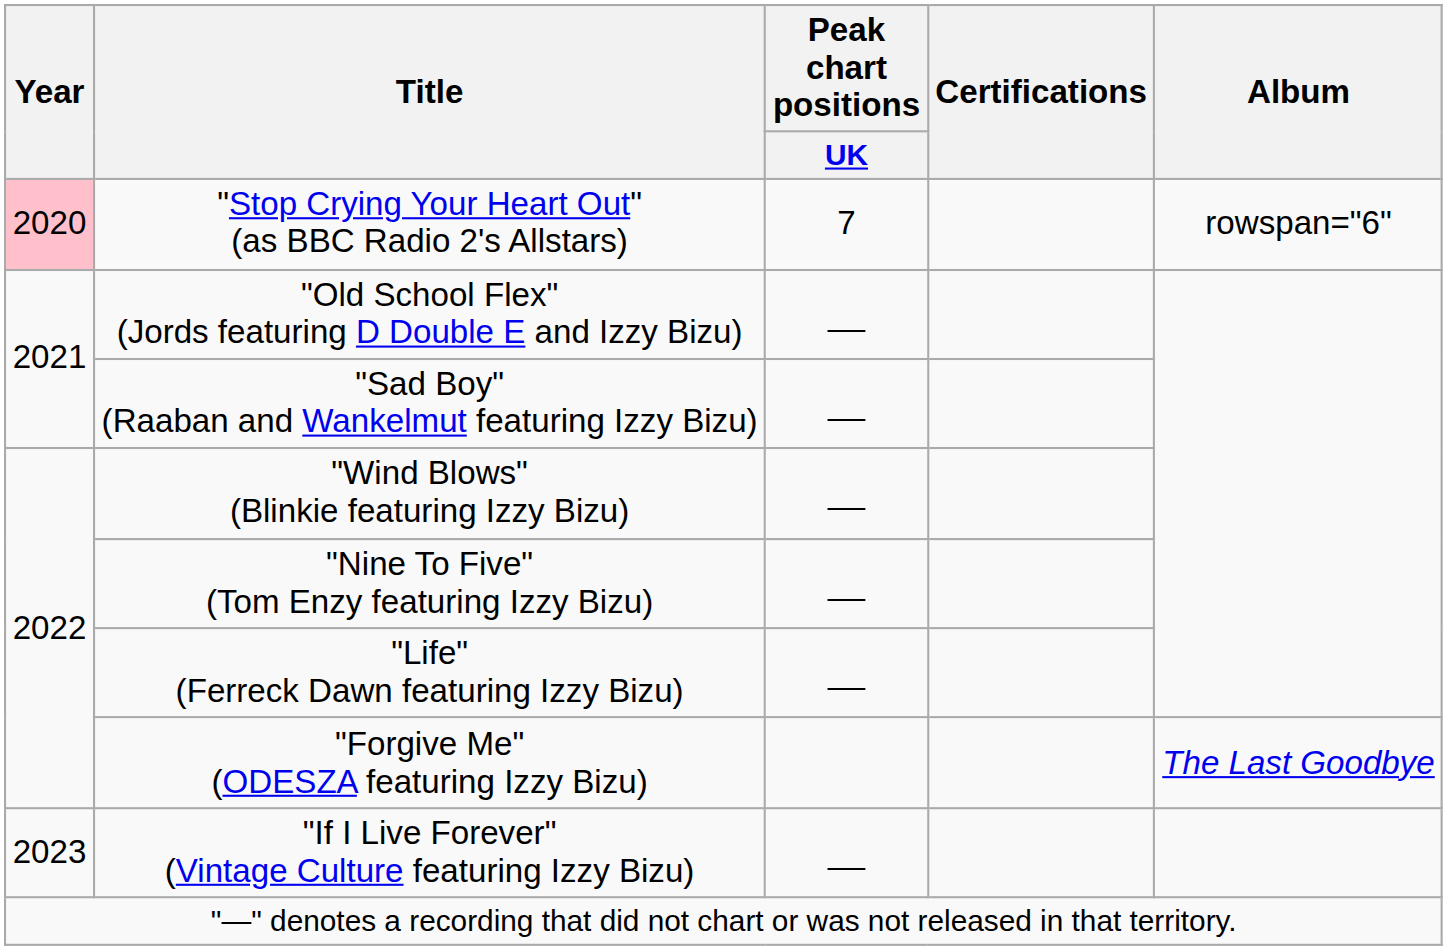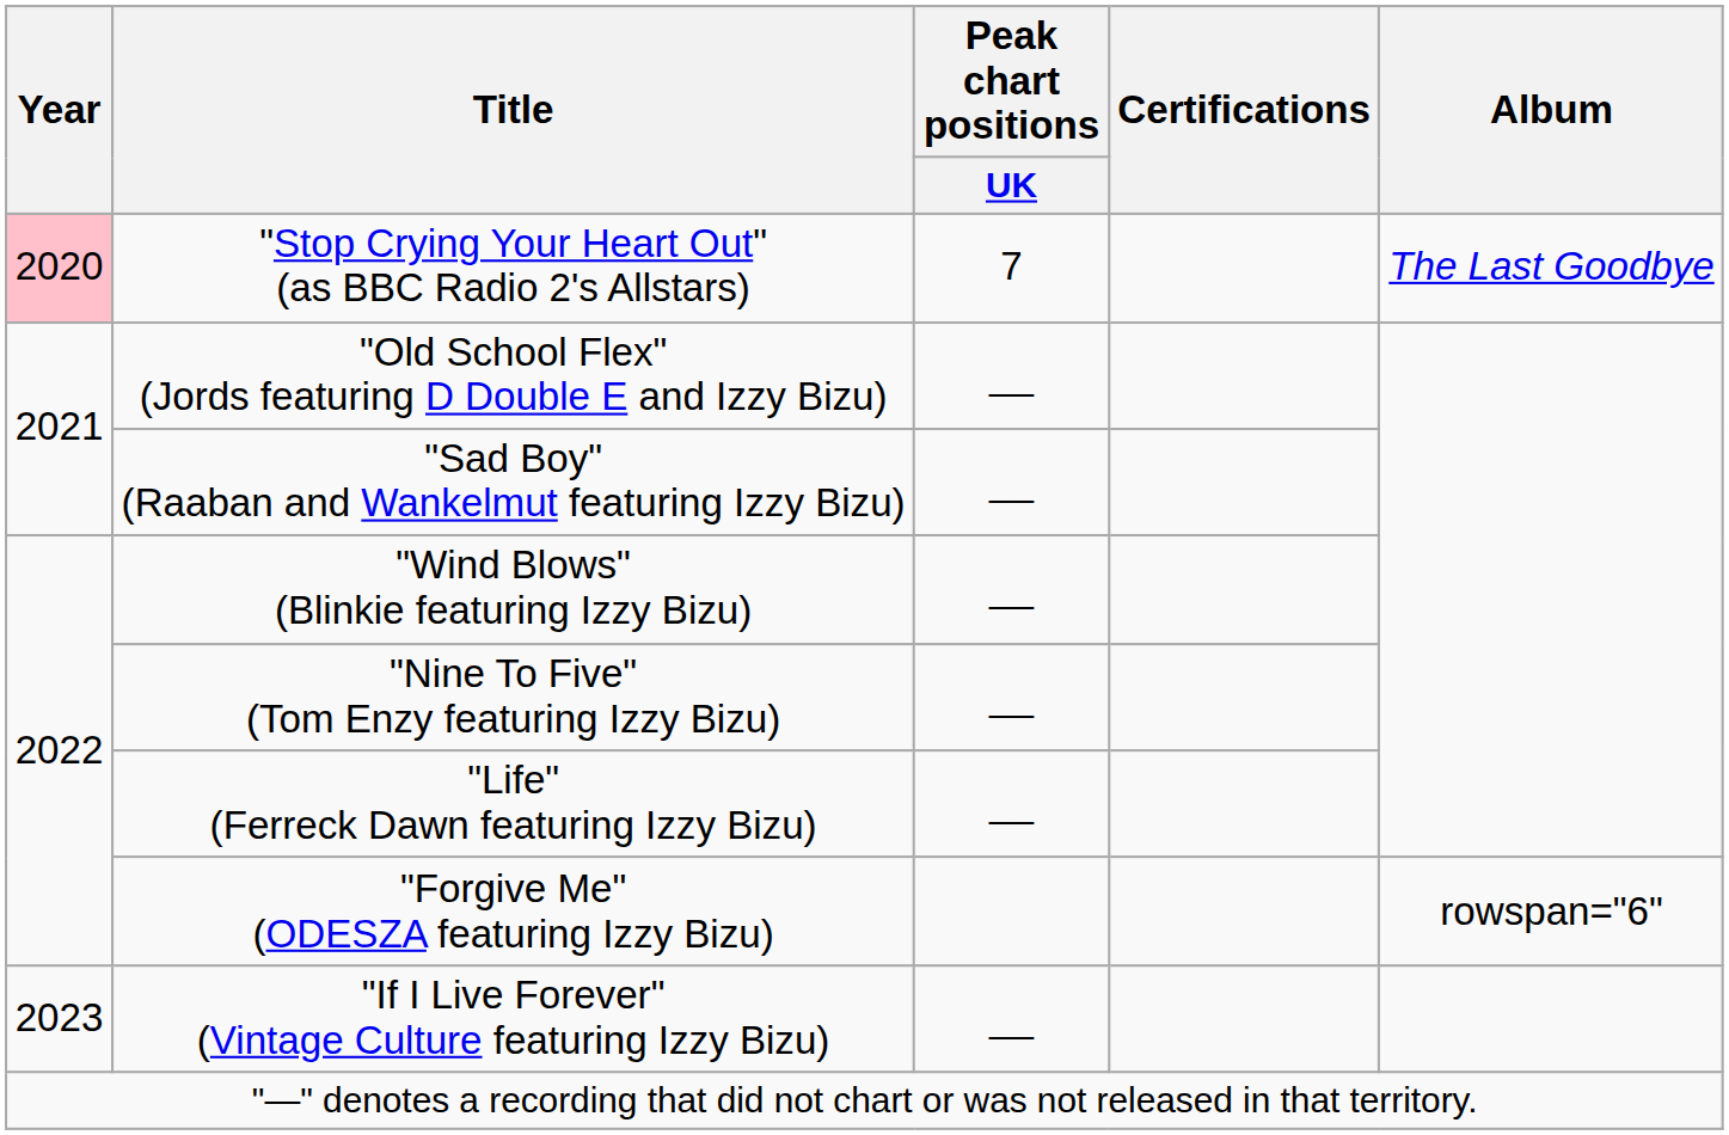 <table class="wikitable plainrowheaders" style="text-align:center;">
 <tr>
 <th scope="col" rowspan="2">Year</th>
 <th scope="col" rowspan="2">Title</th>
 <th scope="col">Peak chart positions</th>
 <th scope="col" rowspan="2">Certifications</th>
 <th scope="col" rowspan="2">Album</th>
 </tr>
 <tr>
 <th scope="col" style="width:3em;font-size:90%;"><a href='#'>UK</a><br></th>
 </tr>
 <tr>
 <td rowspan="1" style="background: pink;">2020</td>
 <td>"<a href='#'>Stop Crying Your Heart Out</a>"<br><span>(as BBC Radio 2's Allstars)</span></td>
 <td>7</td>
 <td></td>
-<td>rowspan="6" </td>
+<td><em><a href='#'>The Last Goodbye</a></em></td>
 </tr>
 <tr>
 <td rowspan="2">2021</td>
 <td>"Old School Flex"<br><span>(Jords featuring <a href='#'>D Double E</a> and Izzy Bizu)</span></td>
 <td>__</td>
 <td></td>
 </tr>
 <tr>
 <td>"Sad Boy"<br><span> (Raaban and <a href='#'>Wankelmut</a> featuring Izzy Bizu)</span></td>
 <td>__</td>
 <td></td>
 </tr>
 <tr>
 <td rowspan="4">2022</td>
 <td>"Wind Blows"<br><span>(Blinkie featuring Izzy Bizu)</span></td>
 <td>__</td>
 <td></td>
 </tr>
 <tr>
 <td>"Nine To Five"<br><span>(Tom Enzy featuring Izzy Bizu)</span></td>
 <td>__</td>
 <td></td>
 </tr>
 <tr>
 <td>"Life"<br><span>(Ferreck Dawn featuring Izzy Bizu)</span></td>
 <td>__</td>
 <td></td>
 </tr>
 <tr>
 <td>"Forgive Me"<br><span>(<a href='#'>ODESZA</a> featuring Izzy Bizu)</span></td>
 <td></td>
 <td></td>
-<td><em><a href='#'>The Last Goodbye</a></em></td>
+<td>rowspan="6" </td>
 </tr>
 <tr>
 <td rowspan="1">2023</td>
 <td>"If I Live Forever"<br><span>(<a href='#'>Vintage Culture</a> featuring Izzy Bizu)</span></td>
 <td>__</td>
 <td></td>
 <td></td>
 </tr>
 <tr>
 <td colspan="9" style="font-size:90%">"—" denotes a recording that did not chart or was not released in that territory.</td>
 </tr>
 </table>
